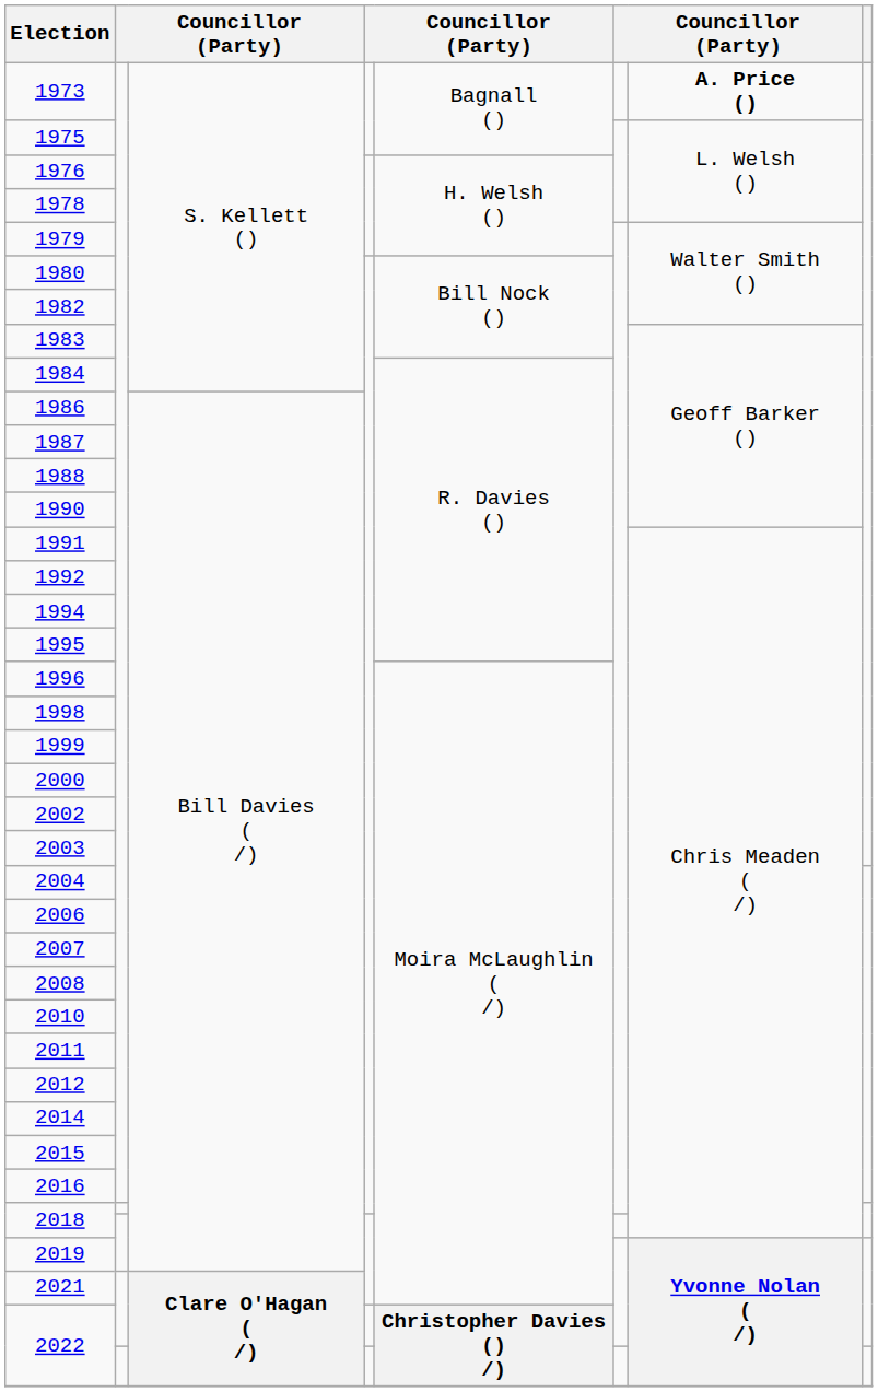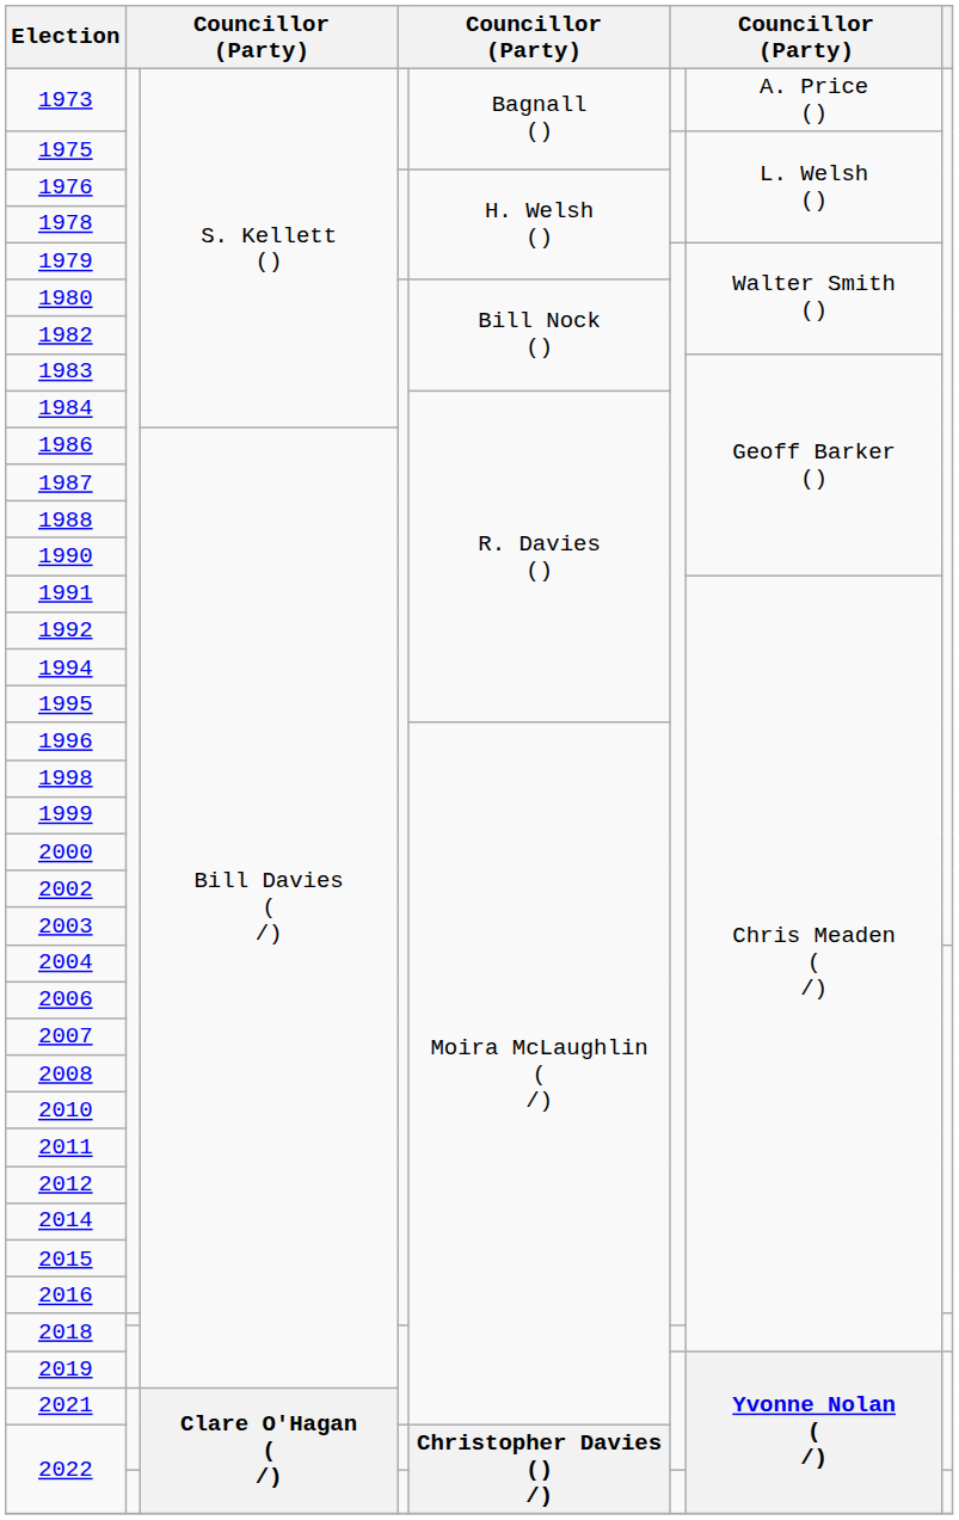 <table class="wikitable" style="text-align:center">
 <tr>
 <th>Election</th>
 <th scope="col" width="150" colspan = "2">Councillor<br> (Party)</th>
 <th scope="col" width="150" colspan = "2">Councillor<br> (Party)</th>
 <th scope="col" width="150" colspan = "2">Councillor<br> (Party)</th>
 <th></th>
 </tr>
 <tr>
 <td><a href='#'>1973</a></td>
 <td rowspan=33 style="background-color: "></td>
 <td rowspan=9>S. Kellett<br>(<a href='#'></a>)</td>
 <td rowspan=2 style="background-color: "></td>
 <td rowspan=2>Bagnall<br>(<a href='#'></a>)</td>
 <td style="background-color: "></td>
-<td><strong>A. Price<br>(<a href='#'></a>)</strong></td>
+<td>A. Price<br>(<a href='#'></a>)</td>
 <td rowspan=23></td>
 </tr>
 <tr>
 <td><a href='#'>1975</a></td>
 <td rowspan=3 style="background-color: "></td>
 <td rowspan=3>L. Welsh<br>(<a href='#'></a>)</td>
 </tr>
 <tr>
 <td><a href='#'>1976</a></td>
 <td rowspan=3 style="background-color: "></td>
 <td rowspan=3>H. Welsh<br>(<a href='#'></a>)</td>
 </tr>
 <tr>
 <td><a href='#'>1978</a></td>
 </tr>
 <tr>
 <td><a href='#'>1979</a></td>
 <td rowspan=30 style="background-color: "></td>
 <td rowspan=3>Walter Smith<br>(<a href='#'></a>)</td>
 </tr>
 <tr>
 <td><a href='#'>1980</a></td>
 <td rowspan=29 style="background-color: "></td>
 <td rowspan=3>Bill Nock<br>(<a href='#'></a>)</td>
 </tr>
 <tr>
 <td><a href='#'>1982</a></td>
 </tr>
 <tr>
 <td><a href='#'>1983</a></td>
 <td rowspan=6>Geoff Barker<br>(<a href='#'></a>)</td>
 </tr>
 <tr>
 <td><a href='#'>1984</a></td>
 <td rowspan=9>R. Davies<br>(<a href='#'></a>)</td>
 </tr>
 <tr>
 <td><a href='#'>1986</a></td>
 <td rowspan=27>Bill Davies<br>(<a href='#'></a><br>/<a href='#'></a>)</td>
 </tr>
 <tr>
 <td><a href='#'>1987</a></td>
 </tr>
 <tr>
 <td><a href='#'>1988</a></td>
 </tr>
 <tr>
 <td><a href='#'>1990</a></td>
 </tr>
 <tr>
 <td><a href='#'>1991</a></td>
 <td rowspan=22>Chris Meaden<br>(<a href='#'></a><br>/<a href='#'></a>)</td>
 </tr>
 <tr>
 <td><a href='#'>1992</a></td>
 </tr>
 <tr>
 <td><a href='#'>1994</a></td>
 </tr>
 <tr>
 <td><a href='#'>1995</a></td>
 </tr>
 <tr>
 <td><a href='#'>1996</a></td>
 <td rowspan=20>Moira McLaughlin<br>(<a href='#'></a><br>/<a href='#'></a>)</td>
 </tr>
 <tr>
 <td><a href='#'>1998</a></td>
 </tr>
 <tr>
 <td><a href='#'>1999</a></td>
 </tr>
 <tr>
 <td><a href='#'>2000</a></td>
 </tr>
 <tr>
 <td><a href='#'>2002</a></td>
 </tr>
 <tr>
 <td><a href='#'>2003</a></td>
 </tr>
 <tr>
 <td><a href='#'>2004</a></td>
 <td rowspan=10></td>
 </tr>
 <tr>
 <td><a href='#'>2006</a></td>
 </tr>
 <tr>
 <td><a href='#'>2007</a></td>
 </tr>
 <tr>
 <td><a href='#'>2008</a></td>
 </tr>
 <tr>
 <td><a href='#'>2010</a></td>
 </tr>
 <tr>
 <td><a href='#'>2011</a></td>
 </tr>
 <tr>
 <td><a href='#'>2012</a></td>
 </tr>
 <tr>
 <td><a href='#'>2014</a></td>
 </tr>
 <tr>
 <td><a href='#'>2015</a></td>
 </tr>
 <tr>
 <td><a href='#'>2016</a></td>
 </tr>
 <tr>
 <td rowspan=2><a href='#'>2018</a></td>
 <td style="background-color: "></td>
 <td rowspan=2></td>
 </tr>
 <tr>
 <td rowspan=2 style="background-color: "></td>
 <td rowspan=3 style="background-color: "></td>
 <td style="background-color: "></td>
 </tr>
 <tr>
 <td><a href='#'>2019</a></td>
 <td rowspan=3 style="background-color: "></td>
 <th rowspan=4><a href='#'>Yvonne Nolan</a><br>(<a href='#'></a><br>/<a href='#'></a>)</th>
 <td rowspan=3></td>
 </tr>
 <tr>
 <td><a href='#'>2021</a></td>
 <td rowspan=2 style="background-color: "></td>
 <th rowspan=3>Clare O'Hagan<br>(<a href='#'></a><br>/<a href='#'></a>)</th>
 </tr>
 <tr>
 <td rowspan=2><a href='#'>2022</a></td>
 <td style="background-color: "></td>
 <th rowspan=2>Christopher Davies<br>(<a href='#'></a>)<br>/<a href='#'></a>)</th>
 </tr>
 <tr>
 <td style="background-color: "></td>
 <td style="background-color: "></td>
 <td style="background-color: "></td>
 <td></td>
 </tr>
 <tr>
 </tr>
 </table>
